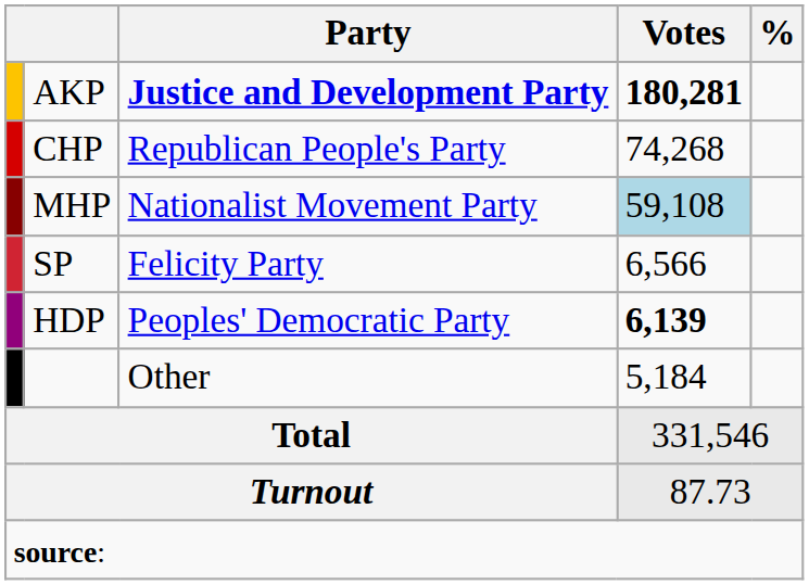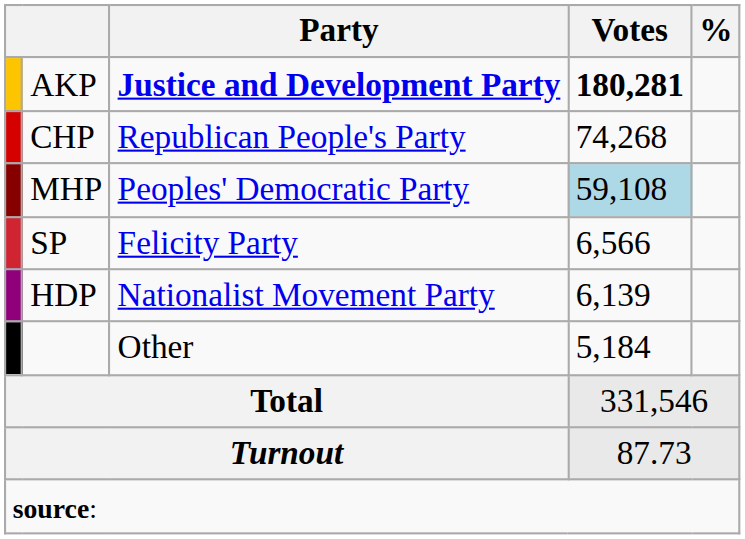 <table class="wikitable">
 <tr>
 <th colspan="2" align="center"></th>
 <th align="center">Party</th>
 <th align="center">Votes</th>
 <th align="center">%</th>
 </tr>
 <tr align="left">
 <td bgcolor="#FDC400" width="1"></td>
 <td>AKP</td>
 <td><strong><a href='#'>Justice and Development Party</a></strong></td>
 <td><strong>180,281</strong></td>
 <td><strong></strong></td>
 </tr>
 <tr align="left">
 <td bgcolor="#d50000" width="1"></td>
 <td>CHP</td>
 <td><a href='#'>Republican People's Party</a></td>
 <td>74,268</td>
 <td></td>
 </tr>
 <tr align="left">
 <td bgcolor="#870000" width="1"></td>
 <td>MHP</td>
-<td><a href='#'>Nationalist Movement Party</a></td>
+<td><a href='#'>Peoples' Democratic Party</a></td>
 <td style="background: lightblue;">59,108</td>
 <td></td>
 </tr>
 <tr align="left">
 <td bgcolor="#D02433" width="1"></td>
 <td>SP</td>
 <td><a href='#'>Felicity Party</a></td>
 <td>6,566</td>
 <td></td>
 </tr>
 <tr align="left">
 <td bgcolor="#91007B" width="1"></td>
 <td>HDP</td>
-<td><a href='#'>Peoples' Democratic Party</a></td>
-<td><strong>6,139</strong></td>
+<td><a href='#'>Nationalist Movement Party</a></td>
+<td>6,139</td>
 <td></td>
 </tr>
 <tr align="left">
 <td bgcolor=" " width="1"></td>
 <td></td>
 <td>Other</td>
 <td>5,184</td>
 <td></td>
 </tr>
 <tr align="left" style="background-color:#E9E9E9">
 <th colspan="3" align="center"><strong>Total</strong></th>
 <td colspan="5" align="center">331,546</td>
 </tr>
 <tr align="left" style="background-color:#E9E9E9">
 <th colspan="3" align="center"><em>Turnout</em></th>
 <td colspan="5" align="center">87.73</td>
 </tr>
 <tr>
 <td colspan="9" align="left"><small><strong>source</strong>: </small></td>
 </tr>
 </table>
